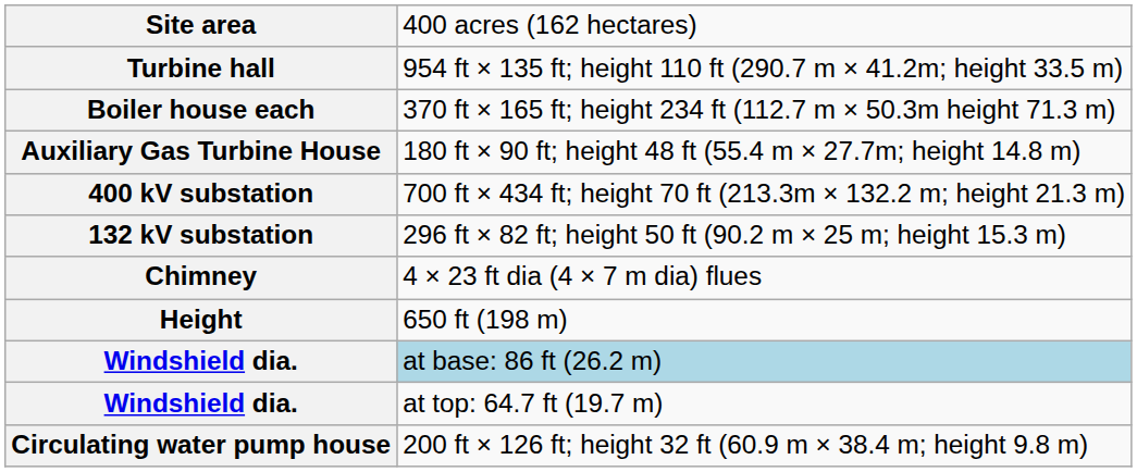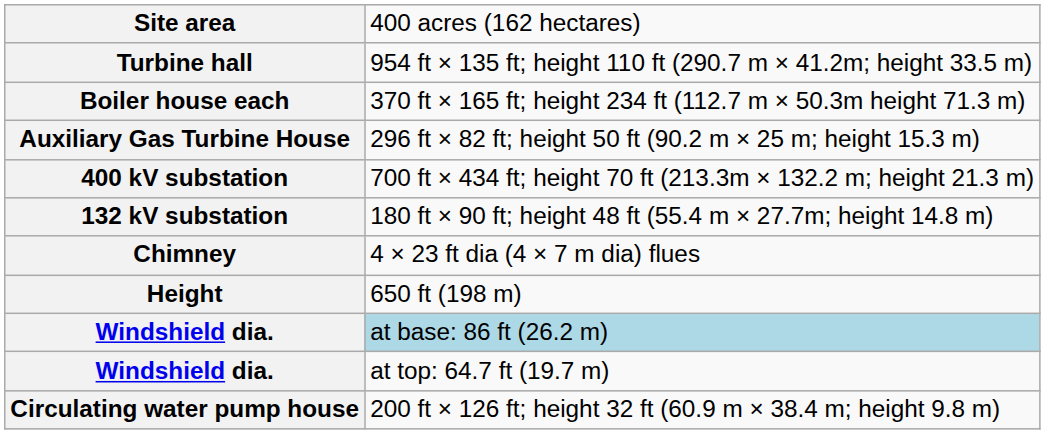 <table class="wikitable plainrowheaders">
 <tr>
 <th scope=row>Site area</th>
 <td>400 acres   (162 hectares)</td>
 </tr>
 <tr>
 <th scope=row>Turbine hall</th>
 <td>954 ft × 135 ft; height 110 ft (290.7 m × 41.2m; height 33.5 m)</td>
 </tr>
 <tr>
 <th scope=row>Boiler house each</th>
 <td>370 ft × 165 ft; height 234 ft (112.7 m × 50.3m height 71.3 m)</td>
 </tr>
 <tr>
 <th scope=row>Auxiliary Gas Turbine House</th>
-<td>180 ft × 90 ft; height 48 ft (55.4 m × 27.7m; height 14.8 m)</td>
+<td>296 ft × 82 ft; height 50 ft (90.2 m × 25 m; height 15.3 m)</td>
 </tr>
 <tr>
 <th scope=row>400 kV substation</th>
 <td>700 ft × 434 ft; height 70 ft (213.3m × 132.2 m; height 21.3 m)</td>
 </tr>
 <tr>
 <th scope=row>132 kV substation</th>
-<td>296 ft × 82 ft; height 50 ft (90.2 m × 25 m; height 15.3 m)</td>
+<td>180 ft × 90 ft; height 48 ft (55.4 m × 27.7m; height 14.8 m)</td>
 </tr>
 <tr>
 <th scope=row>Chimney</th>
 <td>4 × 23 ft dia  (4 × 7 m dia) flues</td>
 </tr>
 <tr>
 <th scope=row>Height</th>
 <td>650 ft  (198 m)</td>
 </tr>
 <tr>
 <th scope=row><a href='#'>Windshield</a> dia.</th>
 <td style="background: lightblue;">at base: 86 ft    (26.2 m)</td>
 </tr>
 <tr>
 <th scope=row><a href='#'>Windshield</a> dia.</th>
 <td>at top: 64.7 ft (19.7 m)</td>
 </tr>
 <tr>
 <th scope=row>Circulating water pump house</th>
 <td>200 ft × 126 ft; height 32 ft   (60.9 m × 38.4 m; height 9.8 m)</td>
 </tr>
 </table>
